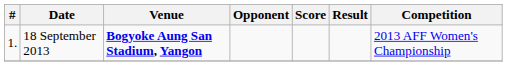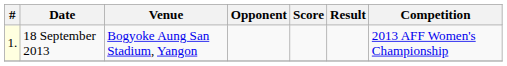 <table class="wikitable">
 <tr>
 <th>#</th>
 <th>Date</th>
 <th>Venue</th>
 <th>Opponent</th>
 <th>Score</th>
 <th>Result</th>
 <th>Competition</th>
 </tr>
 <tr>
-<td>1.</td>
+<td style="background: lightyellow;">1.</td>
 <td>18 September 2013</td>
-<td><strong><a href='#'>Bogyoke Aung San Stadium</a>, <a href='#'>Yangon</a></strong></td>
+<td><a href='#'>Bogyoke Aung San Stadium</a>, <a href='#'>Yangon</a></td>
 <td></td>
 <td></td>
 <td></td>
 <td><a href='#'>2013 AFF Women's Championship</a></td>
 </tr>
 <tr>
 </tr>
 </table>
